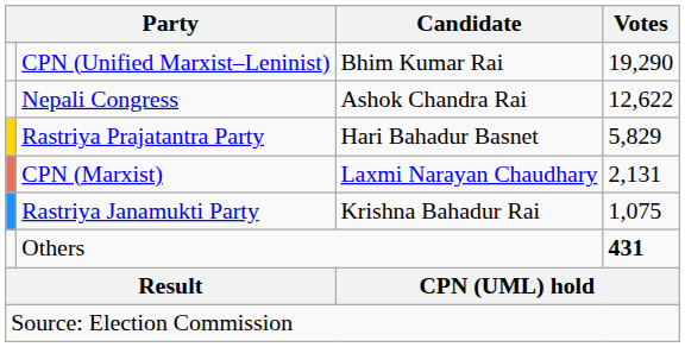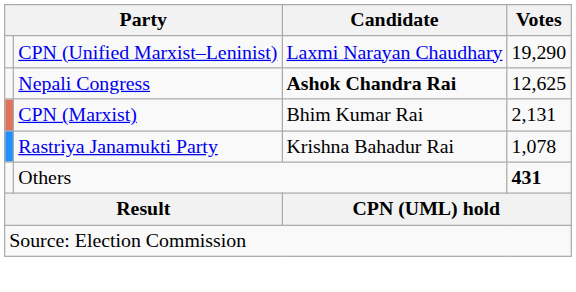 <table class="wikitable">
 <tr>
 <th colspan="2">Party</th>
 <th>Candidate</th>
 <th>Votes</th>
 </tr>
 <tr>
 <td style="background-color:"></td>
 <td><a href='#'>CPN (Unified Marxist–Leninist)</a></td>
-<td>Bhim Kumar Rai</td>
+<td><a href='#'>Laxmi Narayan Chaudhary</a></td>
 <td>19,290</td>
 </tr>
 <tr>
 <td style="background-color:"></td>
 <td><a href='#'>Nepali Congress</a></td>
-<td>Ashok Chandra Rai</td>
-<td>12,622</td>
-</tr>
-<tr>
-<td style="background-color:gold"></td>
-<td><a href='#'>Rastriya Prajatantra Party</a></td>
-<td>Hari Bahadur Basnet</td>
-<td>5,829</td>
+<td><strong>Ashok Chandra Rai</strong></td>
+<td>12,625</td>
 </tr>
 <tr>
 <td style="background-color:#E2725B"></td>
 <td><a href='#'>CPN (Marxist)</a></td>
-<td><a href='#'>Laxmi Narayan Chaudhary</a></td>
+<td>Bhim Kumar Rai</td>
 <td>2,131</td>
 </tr>
 <tr>
 <td style="background-color:dodgerblue"></td>
 <td><a href='#'>Rastriya Janamukti Party</a></td>
 <td>Krishna Bahadur Rai</td>
-<td>1,075</td>
+<td>1,078</td>
 </tr>
 <tr>
 <td></td>
 <td colspan="2">Others</td>
 <td><strong>431</strong></td>
 </tr>
 <tr>
 <th colspan="2">Result</th>
 <th colspan="2">CPN (UML) hold</th>
 </tr>
 <tr>
 <td colspan="4">Source: Election Commission</td>
 </tr>
 </table>
